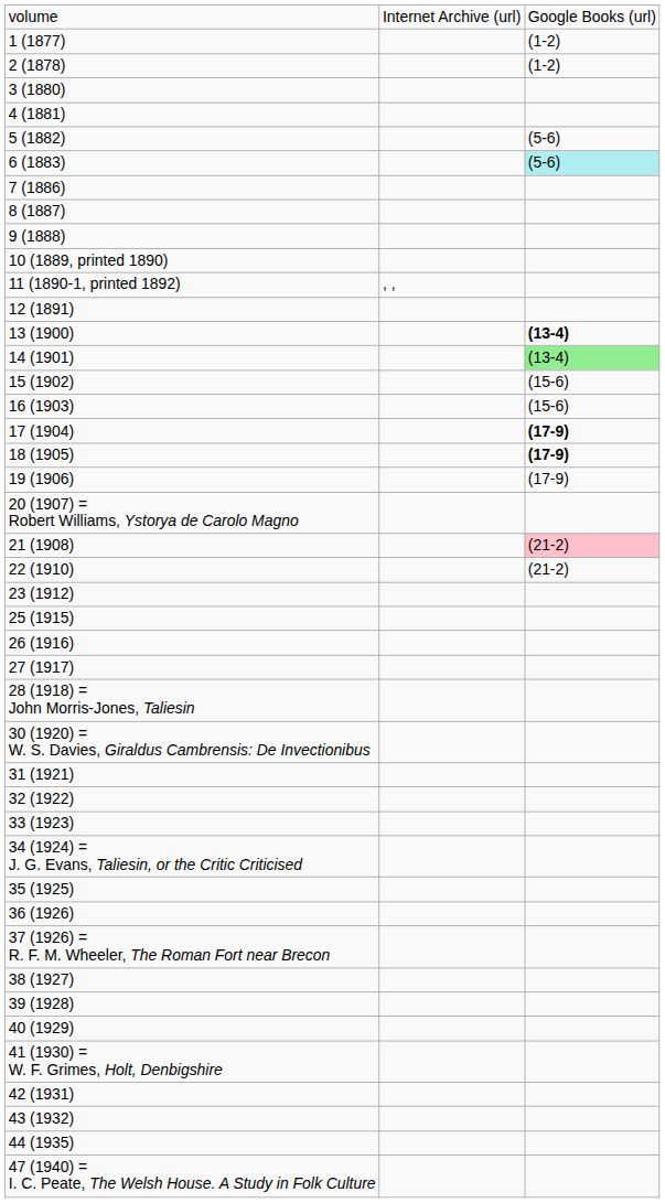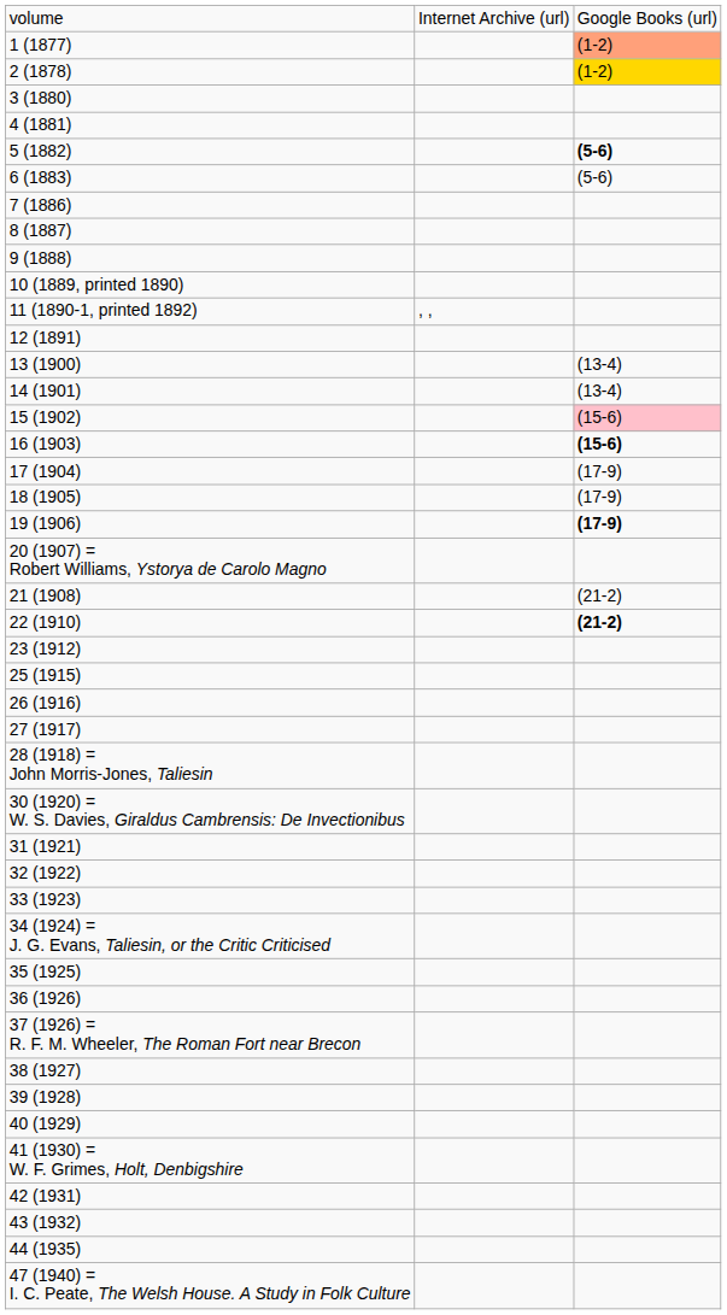 <table class="wikitable sortable">
 <tr>
 <td>volume</td>
 <td>Internet Archive (url)</td>
 <td>Google Books (url)</td>
 </tr>
 <tr>
 <td>1 (1877)</td>
 <td></td>
-<td> (1-2)</td>
+<td style="background: lightsalmon;"> (1-2)</td>
 </tr>
 <tr>
 <td>2 (1878)</td>
 <td></td>
-<td> (1-2)</td>
+<td style="background: gold;"> (1-2)</td>
 </tr>
 <tr>
 <td>3 (1880)</td>
 <td></td>
 <td></td>
 </tr>
 <tr>
 <td>4 (1881)</td>
 <td></td>
 <td></td>
 </tr>
 <tr>
 <td>5 (1882)</td>
 <td></td>
-<td> (5-6)</td>
+<td><strong> (5-6)</strong></td>
 </tr>
 <tr>
 <td>6 (1883)</td>
 <td></td>
-<td style="background: paleturquoise;"> (5-6)</td>
+<td> (5-6)</td>
 </tr>
 <tr>
 <td>7 (1886)</td>
 <td></td>
 <td></td>
 </tr>
 <tr>
 <td>8 (1887)</td>
 <td></td>
 <td></td>
 </tr>
 <tr>
 <td>9 (1888)</td>
 <td></td>
 <td></td>
 </tr>
 <tr>
 <td>10 (1889, printed 1890)</td>
 <td></td>
 <td></td>
 </tr>
 <tr>
 <td>11 (1890-1, printed 1892)</td>
 <td>, , </td>
 <td></td>
 </tr>
 <tr>
 <td>12 (1891)</td>
 <td></td>
 <td> </td>
 </tr>
 <tr>
 <td>13 (1900)</td>
 <td></td>
-<td><strong> (13-4)</strong></td>
+<td> (13-4)</td>
 </tr>
 <tr>
 <td>14 (1901)</td>
 <td></td>
-<td style="background: lightgreen;"> (13-4)</td>
+<td> (13-4)</td>
 </tr>
 <tr>
 <td>15 (1902)</td>
 <td></td>
-<td> (15-6)</td>
+<td style="background: pink;"> (15-6)</td>
 </tr>
 <tr>
 <td>16 (1903)</td>
 <td></td>
-<td> (15-6)</td>
+<td><strong> (15-6)</strong></td>
 </tr>
 <tr>
 <td>17 (1904)</td>
 <td></td>
-<td><strong> (17-9)</strong></td>
+<td> (17-9)</td>
 </tr>
 <tr>
 <td>18 (1905)</td>
 <td></td>
-<td><strong> (17-9)</strong></td>
+<td> (17-9)</td>
 </tr>
 <tr>
 <td>19 (1906)</td>
 <td></td>
-<td> (17-9)</td>
+<td><strong> (17-9)</strong></td>
 </tr>
 <tr>
 <td>20 (1907) =<br>Robert Williams, <em>Ystorya de Carolo Magno</em></td>
 <td></td>
 <td></td>
 </tr>
 <tr>
 <td>21 (1908)</td>
 <td><br></td>
-<td style="background: pink;"> (21-2)</td>
+<td> (21-2)</td>
 </tr>
 <tr>
 <td>22 (1910)</td>
 <td></td>
-<td> (21-2)</td>
+<td><strong> (21-2)</strong></td>
 </tr>
 <tr>
 <td>23 (1912)</td>
 <td></td>
 <td></td>
 </tr>
 <tr>
 <td>25 (1915)</td>
 <td></td>
 <td></td>
 </tr>
 <tr>
 <td>26 (1916)</td>
 <td></td>
 <td></td>
 </tr>
 <tr>
 <td>27 (1917)</td>
 <td></td>
 <td></td>
 </tr>
 <tr>
 <td>28 (1918) = <br>John Morris-Jones, <em>Taliesin</em></td>
 <td></td>
 <td></td>
 </tr>
 <tr>
 <td>30 (1920) = <br>W. S. Davies, <em>Giraldus Cambrensis: De Invectionibus</em></td>
 <td></td>
 <td></td>
 </tr>
 <tr>
 <td>31 (1921)</td>
 <td></td>
 <td></td>
 </tr>
 <tr>
 <td>32 (1922)</td>
 <td></td>
 <td></td>
 </tr>
 <tr>
 <td>33 (1923)</td>
 <td></td>
 <td></td>
 </tr>
 <tr>
 <td>34 (1924) =<br>J. G. Evans, <em>Taliesin, or the Critic Criticised</em></td>
 <td></td>
 </tr>
 <tr>
 <td>35 (1925)</td>
 <td></td>
 <td></td>
 </tr>
 <tr>
 <td>36 (1926)</td>
 <td></td>
 <td></td>
 </tr>
 <tr>
 <td>37 (1926) =<br>R. F. M. Wheeler, <em>The Roman Fort near Brecon</em></td>
 <td></td>
 <td></td>
 </tr>
 <tr>
 <td>38 (1927)</td>
 <td></td>
 <td></td>
 </tr>
 <tr>
 <td>39 (1928)</td>
 <td></td>
 <td></td>
 </tr>
 <tr>
 <td>40 (1929)</td>
 <td></td>
 <td></td>
 </tr>
 <tr>
 <td>41 (1930) =<br>W. F. Grimes, <em>Holt, Denbigshire</em></td>
 <td></td>
 <td></td>
 </tr>
 <tr>
 <td>42 (1931)</td>
 <td></td>
 <td></td>
 </tr>
 <tr>
 <td>43 (1932)</td>
 <td></td>
 <td></td>
 </tr>
 <tr>
 <td>44 (1935)</td>
 <td></td>
 <td></td>
 </tr>
 <tr>
 <td>47 (1940) = <br>I. C. Peate, <em>The  Welsh House. A Study in Folk Culture</em></td>
 <td></td>
 <td></td>
 </tr>
 </table>
